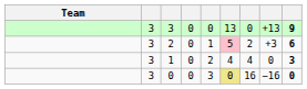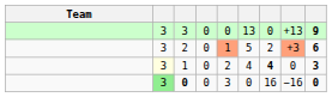 <table class="wikitable" style="text-align: center;">
 <tr>
 <th width="175">Team</th>
 <th width="20"></th>
 <th width="20"></th>
 <th width="20"></th>
 <th width="20"></th>
 <th width="20"></th>
 <th width="20"></th>
 <th width="20"></th>
 <th width="20"></th>
 </tr>
 <tr bgcolor=ccffcc>
 <td align=left></td>
 <td>3</td>
 <td>3</td>
 <td>0</td>
 <td>0</td>
 <td>13</td>
 <td>0</td>
 <td>+13</td>
 <td><strong>9</strong></td>
 </tr>
 <tr>
 <td align=left></td>
 <td>3</td>
 <td>2</td>
 <td>0</td>
-<td>1</td>
-<td style="background: pink;">5</td>
+<td style="background: lightsalmon;">1</td>
+<td>5</td>
 <td>2</td>
-<td>+3</td>
+<td style="background: lightsalmon;">+3</td>
 <td><strong>6</strong></td>
 </tr>
 <tr>
 <td align=left><em></em></td>
-<td>3</td>
+<td style="background: lightyellow;">3</td>
 <td>1</td>
 <td>0</td>
 <td>2</td>
 <td>4</td>
-<td>4</td>
+<td><strong>4</strong></td>
 <td>0</td>
 <td><strong>3</strong></td>
 </tr>
 <tr>
 <td align=left></td>
+<td style="background: lightgreen;">3</td>
+<td><strong>0</strong></td>
+<td>0</td>
 <td>3</td>
 <td>0</td>
-<td>0</td>
-<td>3</td>
-<td style="background: khaki;">0</td>
 <td>16</td>
 <td>−16</td>
 <td><strong>0</strong></td>
 </tr>
 </table>
